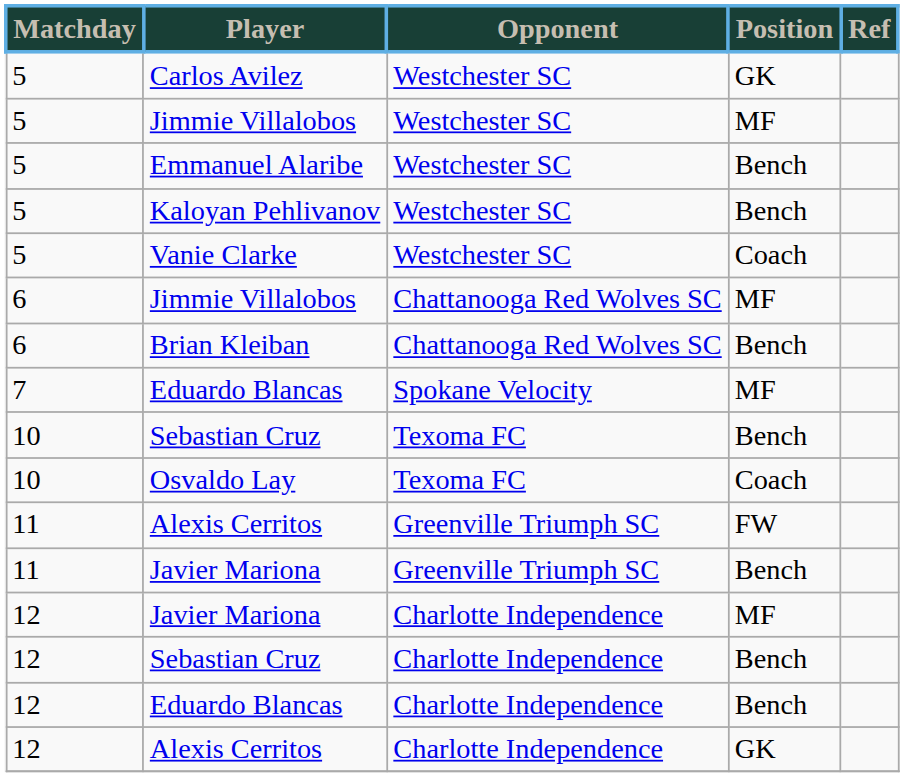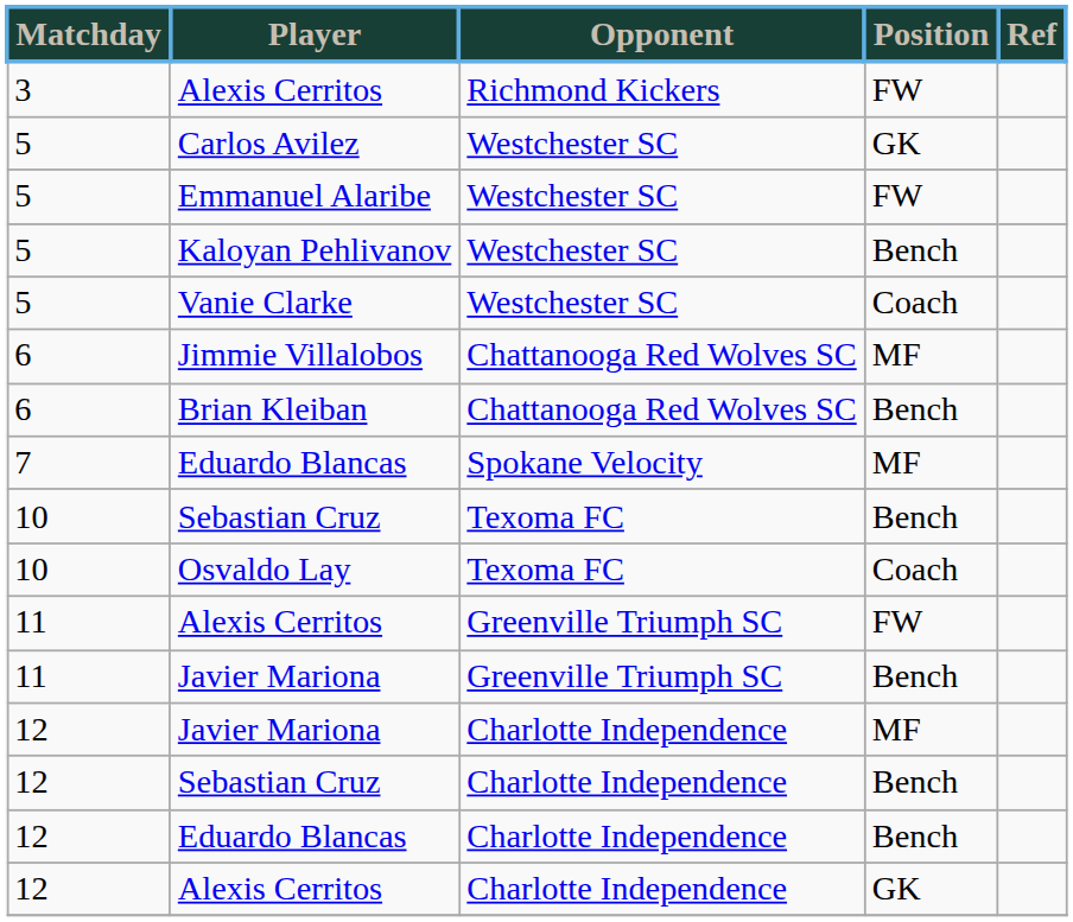 <table class=wikitable>
 <tr>
 <th style="background:#183F36; color:#C6BEB1; border:2px solid #5FAFE4;">Matchday</th>
 <th style="background:#183F36; color:#C6BEB1; border:2px solid #5FAFE4;">Player</th>
 <th style="background:#183F36; color:#C6BEB1; border:2px solid #5FAFE4;">Opponent</th>
 <th style="background:#183F36; color:#C6BEB1; border:2px solid #5FAFE4;">Position</th>
 <th style="background:#183F36; color:#C6BEB1; border:2px solid #5FAFE4;">Ref</th>
+</tr>
+<tr>
+<td>3</td>
+<td> <a href='#'>Alexis Cerritos</a></td>
+<td><a href='#'>Richmond Kickers</a></td>
+<td>FW</td>
+<td></td>
 </tr>
 <tr>
 <td>5</td>
 <td> <a href='#'>Carlos Avilez</a></td>
 <td><a href='#'>Westchester SC</a></td>
 <td>GK</td>
 <td></td>
 </tr>
 <tr>
 <td>5</td>
-<td> <a href='#'>Jimmie Villalobos</a></td>
-<td><a href='#'>Westchester SC</a></td>
-<td>MF</td>
-<td></td>
-</tr>
-<tr>
-<td>5</td>
 <td> <a href='#'>Emmanuel Alaribe</a></td>
 <td><a href='#'>Westchester SC</a></td>
-<td>Bench</td>
+<td>FW</td>
 <td></td>
 </tr>
 <tr>
 <td>5</td>
 <td> <a href='#'>Kaloyan Pehlivanov</a></td>
 <td><a href='#'>Westchester SC</a></td>
 <td>Bench</td>
 <td></td>
 </tr>
 <tr>
 <td>5</td>
 <td> <a href='#'>Vanie Clarke</a></td>
 <td><a href='#'>Westchester SC</a></td>
 <td>Coach</td>
 <td></td>
 </tr>
 <tr>
 <td>6</td>
 <td> <a href='#'>Jimmie Villalobos</a></td>
 <td><a href='#'>Chattanooga Red Wolves SC</a></td>
 <td>MF</td>
 <td></td>
 </tr>
 <tr>
 <td>6</td>
 <td> <a href='#'>Brian Kleiban</a></td>
 <td><a href='#'>Chattanooga Red Wolves SC</a></td>
 <td>Bench</td>
 <td></td>
 </tr>
 <tr>
 <td>7</td>
 <td> <a href='#'>Eduardo Blancas</a></td>
 <td><a href='#'>Spokane Velocity</a></td>
 <td>MF</td>
 <td></td>
 </tr>
 <tr>
 <td>10</td>
 <td> <a href='#'>Sebastian Cruz</a></td>
 <td><a href='#'>Texoma FC</a></td>
 <td>Bench</td>
 <td></td>
 </tr>
 <tr>
 <td>10</td>
 <td> <a href='#'>Osvaldo Lay</a></td>
 <td><a href='#'>Texoma FC</a></td>
 <td>Coach</td>
 <td></td>
 </tr>
 <tr>
 <td>11</td>
 <td> <a href='#'>Alexis Cerritos</a></td>
 <td><a href='#'>Greenville Triumph SC</a></td>
 <td>FW</td>
 <td></td>
 </tr>
 <tr>
 <td>11</td>
 <td> <a href='#'>Javier Mariona</a></td>
 <td><a href='#'>Greenville Triumph SC</a></td>
 <td>Bench</td>
 <td></td>
 </tr>
 <tr>
 <td>12</td>
 <td> <a href='#'>Javier Mariona</a></td>
 <td><a href='#'>Charlotte Independence</a></td>
 <td>MF</td>
 <td></td>
 </tr>
 <tr>
 <td>12</td>
 <td> <a href='#'>Sebastian Cruz</a></td>
 <td><a href='#'>Charlotte Independence</a></td>
 <td>Bench</td>
 <td></td>
 </tr>
 <tr>
 <td>12</td>
 <td> <a href='#'>Eduardo Blancas</a></td>
 <td><a href='#'>Charlotte Independence</a></td>
 <td>Bench</td>
 <td></td>
 </tr>
 <tr>
 <td>12</td>
 <td> <a href='#'>Alexis Cerritos</a></td>
 <td><a href='#'>Charlotte Independence</a></td>
 <td>GK</td>
 <td></td>
 </tr>
 <tr>
 </tr>
 </table>
